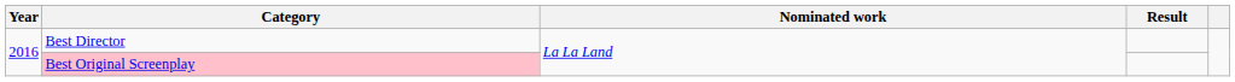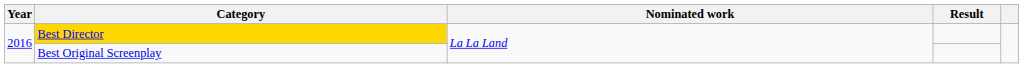 <table class=wikitable>
 <tr>
 <th scope="col" style="width:1em;">Year</th>
 <th scope="col" style="width:33em;">Category</th>
 <th scope="col" style="width:39em;">Nominated work</th>
 <th scope="col" style="width:5em;">Result</th>
 <th scope="col" style="width:1em;"></th>
 </tr>
 <tr>
 <td rowspan="2"><a href='#'>2016</a></td>
-<td><a href='#'>Best Director</a></td>
+<td style="background: gold;"><a href='#'>Best Director</a></td>
 <td rowspan="2"><em><a href='#'>La La Land</a></em></td>
 <td></td>
 <td rowspan="2"></td>
 </tr>
 <tr>
-<td style="background: pink;"><a href='#'>Best Original Screenplay</a></td>
+<td><a href='#'>Best Original Screenplay</a></td>
 <td></td>
 </tr>
 </table>
